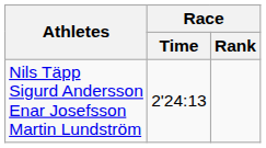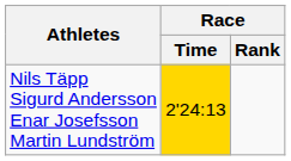 <table class="wikitable" border="1" style="font-size:90%">
 <tr>
 <th rowspan=2>Athletes</th>
 <th colspan=2>Race</th>
 </tr>
 <tr>
 <th>Time</th>
 <th>Rank</th>
 </tr>
 <tr>
 <td><a href='#'>Nils Täpp</a><br><a href='#'>Sigurd Andersson</a><br><a href='#'>Enar Josefsson</a><br><a href='#'>Martin Lundström</a></td>
-<td align=center>2'24:13</td>
+<td align=center style="background: gold;">2'24:13</td>
 <td align=center></td>
 </tr>
 </table>
